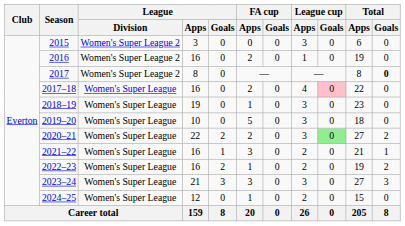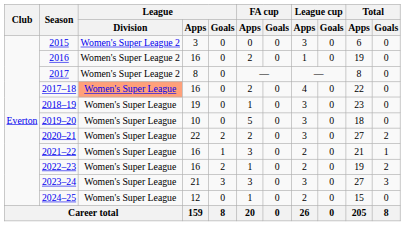 <table class="wikitable" style="text-align:center">
 <tr>
 <th rowspan="2">Club</th>
 <th rowspan="2">Season</th>
 <th colspan="3">League</th>
 <th colspan="2">FA cup</th>
 <th colspan="2">League cup</th>
 <th colspan="2">Total</th>
 </tr>
 <tr>
 <th>Division</th>
 <th>Apps</th>
 <th>Goals</th>
 <th>Apps</th>
 <th>Goals</th>
 <th>Apps</th>
 <th>Goals</th>
 <th>Apps</th>
 <th>Goals</th>
 </tr>
 <tr>
 <td rowspan="11"><a href='#'>Everton</a></td>
 <td><a href='#'>2015</a></td>
 <td><a href='#'>Women's Super League 2</a></td>
 <td>3</td>
 <td>0</td>
 <td>0</td>
 <td>0</td>
 <td>3</td>
 <td>0</td>
 <td>6</td>
 <td>0</td>
 </tr>
 <tr>
 <td><a href='#'>2016</a></td>
 <td>Women's Super League 2</td>
 <td>16</td>
 <td>0</td>
 <td>2</td>
 <td>0</td>
 <td>1</td>
 <td>0</td>
 <td>19</td>
 <td>0</td>
 </tr>
 <tr>
 <td><a href='#'>2017</a></td>
 <td>Women's Super League 2</td>
 <td>8</td>
 <td>0</td>
 <td colspan="2">—</td>
 <td colspan="2">—</td>
 <td>8</td>
-<td><strong>0</strong></td>
+<td>0</td>
 </tr>
 <tr>
 <td><a href='#'>2017–18</a></td>
-<td><a href='#'>Women's Super League</a></td>
+<td style="background: lightsalmon;"><a href='#'>Women's Super League</a></td>
 <td>16</td>
 <td>0</td>
 <td>2</td>
 <td>0</td>
 <td>4</td>
-<td style="background: pink;">0</td>
+<td>0</td>
 <td>22</td>
 <td>0</td>
 </tr>
 <tr>
 <td><a href='#'>2018–19</a></td>
 <td>Women's Super League</td>
 <td>19</td>
 <td>0</td>
 <td>1</td>
 <td>0</td>
 <td>3</td>
 <td>0</td>
 <td>23</td>
 <td>0</td>
 </tr>
 <tr>
 <td><a href='#'>2019–20</a></td>
 <td>Women's Super League</td>
 <td>10</td>
 <td>0</td>
 <td>5</td>
 <td>0</td>
 <td>3</td>
 <td>0</td>
 <td>18</td>
 <td>0</td>
 </tr>
 <tr>
 <td><a href='#'>2020–21</a></td>
 <td>Women's Super League</td>
 <td>22</td>
 <td>2</td>
 <td>2</td>
 <td>0</td>
 <td>3</td>
-<td style="background: lightgreen;">0</td>
+<td>0</td>
 <td>27</td>
 <td>2</td>
 </tr>
 <tr>
 <td><a href='#'>2021–22</a></td>
 <td>Women's Super League</td>
 <td>16</td>
 <td>1</td>
 <td>3</td>
 <td>0</td>
 <td>2</td>
 <td>0</td>
 <td>21</td>
 <td>1</td>
 </tr>
 <tr>
 <td><a href='#'>2022–23</a></td>
 <td>Women's Super League</td>
 <td>16</td>
 <td>2</td>
 <td>1</td>
 <td>0</td>
 <td>2</td>
 <td>0</td>
 <td>19</td>
 <td>2</td>
 </tr>
 <tr>
 <td><a href='#'>2023–24</a></td>
 <td>Women's Super League</td>
 <td>21</td>
 <td>3</td>
 <td>3</td>
 <td>0</td>
 <td>3</td>
 <td>0</td>
 <td>27</td>
 <td>3</td>
 </tr>
 <tr>
 <td><a href='#'>2024–25</a></td>
 <td>Women's Super League</td>
 <td>12</td>
 <td>0</td>
 <td>1</td>
 <td>0</td>
 <td>2</td>
 <td>0</td>
 <td>15</td>
 <td>0</td>
 </tr>
 <tr>
 <th colspan="3">Career total</th>
 <th>159</th>
 <th>8</th>
 <th>20</th>
 <th>0</th>
 <th>26</th>
 <th>0</th>
 <th>205</th>
 <th>8</th>
 </tr>
 </table>
